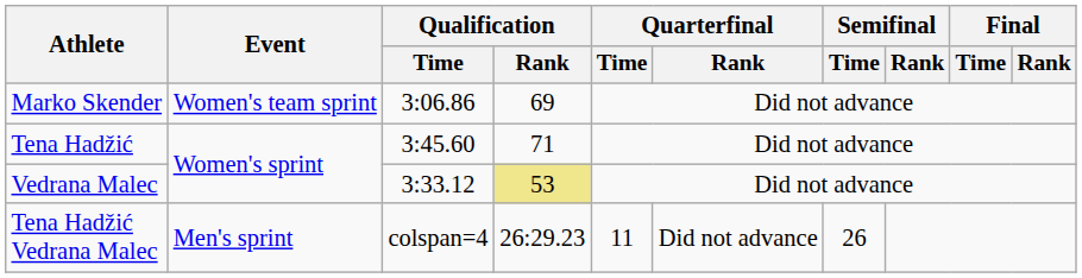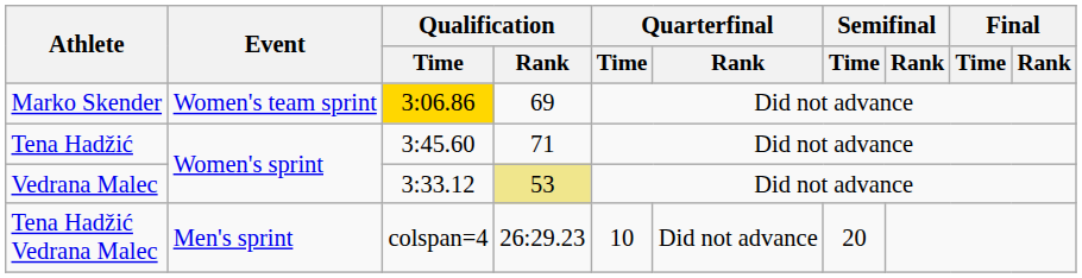 <table class="wikitable" style="font-size:90%">
 <tr>
 <th rowspan="2">Athlete</th>
 <th rowspan="2">Event</th>
 <th colspan="2">Qualification</th>
 <th colspan="2">Quarterfinal</th>
 <th colspan="2">Semifinal</th>
 <th colspan="2">Final</th>
 </tr>
 <tr style="font-size:95%">
 <th>Time</th>
 <th>Rank</th>
 <th>Time</th>
 <th>Rank</th>
 <th>Time</th>
 <th>Rank</th>
 <th>Time</th>
 <th>Rank</th>
 </tr>
 <tr align=center>
 <td align=left><a href='#'>Marko Skender</a></td>
 <td align=left><a href='#'>Women's team sprint</a></td>
-<td>3:06.86</td>
+<td style="background: gold;">3:06.86</td>
 <td>69</td>
 <td colspan=6>Did not advance</td>
 </tr>
 <tr align=center>
 <td align=left><a href='#'>Tena Hadžić</a></td>
 <td align=left rowspan=2><a href='#'>Women's sprint</a></td>
 <td>3:45.60</td>
 <td>71</td>
 <td colspan=6>Did not advance</td>
 </tr>
 <tr align=center>
 <td align=left><a href='#'>Vedrana Malec</a></td>
 <td>3:33.12</td>
 <td style="background: khaki;">53</td>
 <td colspan=6>Did not advance</td>
 </tr>
 <tr align=center>
 <td align=left><a href='#'>Tena Hadžić</a><br><a href='#'>Vedrana Malec</a></td>
 <td align=left><a href='#'>Men's sprint</a></td>
 <td>colspan=4 </td>
 <td>26:29.23</td>
-<td>11</td>
+<td>10</td>
 <td>Did not advance</td>
-<td>26</td>
+<td>20</td>
 </tr>
 </table>
